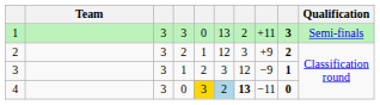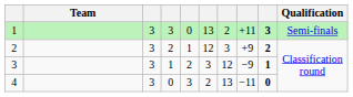 <table class="wikitable" style="text-align:center;">
 <tr>
 <th width=20></th>
 <th width=165>Team</th>
 <th width=20></th>
 <th width=20></th>
 <th width=20></th>
 <th width=20></th>
 <th width=20></th>
 <th width=20></th>
 <th width=20></th>
 <th width=95>Qualification</th>
 </tr>
 <tr bgcolor=bbf3bb>
 <td>1</td>
 <td align="left"></td>
 <td>3</td>
 <td>3</td>
 <td>0</td>
 <td>13</td>
 <td>2</td>
 <td>+11</td>
 <td><strong>3</strong></td>
 <td><a href='#'>Semi-finals</a></td>
 </tr>
 <tr>
 <td>2</td>
 <td align="left"></td>
 <td>3</td>
 <td>2</td>
 <td>1</td>
 <td>12</td>
 <td>3</td>
 <td>+9</td>
 <td><strong>2</strong></td>
 <td rowspan="3"><a href='#'>Classification round</a></td>
 </tr>
 <tr>
 <td>3</td>
 <td align="left"></td>
 <td>3</td>
 <td>1</td>
 <td>2</td>
 <td>3</td>
 <td>12</td>
 <td>−9</td>
 <td><strong>1</strong></td>
 </tr>
 <tr>
 <td>4</td>
 <td align="left"></td>
 <td>3</td>
 <td>0</td>
-<td style="background: gold;">3</td>
-<td style="background: lightblue;">2</td>
-<td><strong>13</strong></td>
+<td>3</td>
+<td>2</td>
+<td>13</td>
 <td>−11</td>
 <td><strong>0</strong></td>
 </tr>
 </table>
